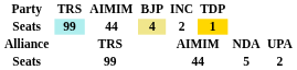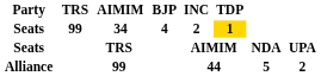 <table style="width:60%; text-align:center;">
 <tr>
 <th><strong>Party</strong></th>
 <td><strong>TRS</strong></td>
 <td><strong>AIMIM</strong></td>
 <td><strong>BJP</strong></td>
 <td><strong>INC</strong></td>
 <td><strong>TDP</strong></td>
 </tr>
 <tr>
 <th><strong>Seats</strong></th>
-<td style="background: paleturquoise;"><strong>99</strong></td>
-<td><strong>44</strong></td>
-<td style="background: khaki;"><strong>4</strong></td>
+<td><strong>99</strong></td>
+<td><strong>34</strong></td>
+<td><strong>4</strong></td>
 <td><strong>2</strong></td>
 <td style="background: gold;"><strong>1</strong></td>
 </tr>
 <tr>
-<th><strong>Alliance</strong></th>
+<th><strong>Seats</strong></th>
 <td colspan="3"><strong>TRS</strong></td>
 <td colspan="3"><strong>AIMIM</strong></td>
 <td colspan="3"><strong>NDA</strong></td>
 <td colspan="3"><strong>UPA</strong></td>
 </tr>
 <tr>
-<th><strong>Seats</strong></th>
+<th><strong>Alliance</strong></th>
 <td colspan="3"><strong>99</strong></td>
 <td colspan="3"><strong>44</strong></td>
 <td colspan="3"><strong>5</strong></td>
 <td colspan="3"><strong>2</strong></td>
 </tr>
 </table>
